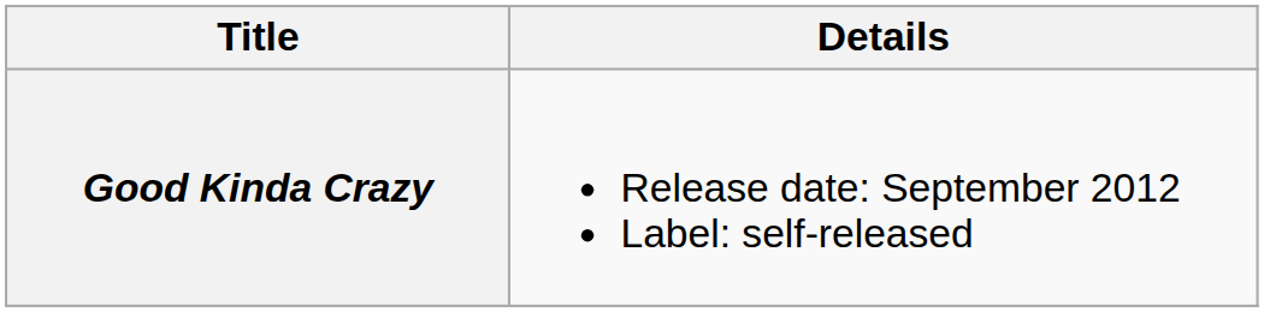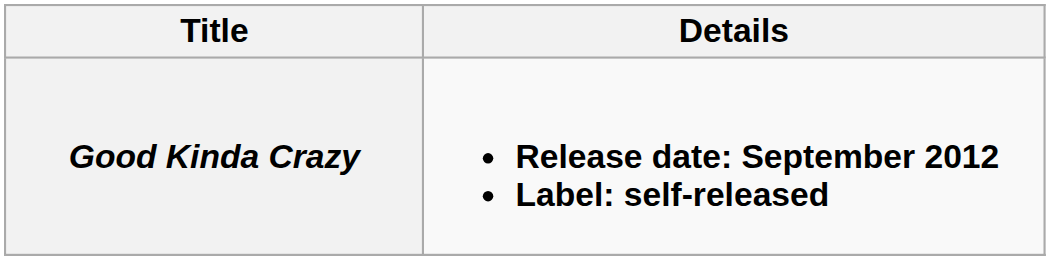 <table class="wikitable plainrowheaders">
 <tr>
 <th style="width:12em;">Title</th>
 <th style="width:18em;">Details</th>
 </tr>
 <tr>
 <th scope="row"><em>Good Kinda Crazy</em></th>
-<td><br><ul><li>Release date: September 2012</li><li>Label: self-released</li></ul></td>
+<td><strong><br><ul><li>Release date: September 2012</li><li>Label: self-released</li></ul></strong></td>
 </tr>
 <tr>
 </tr>
 </table>
